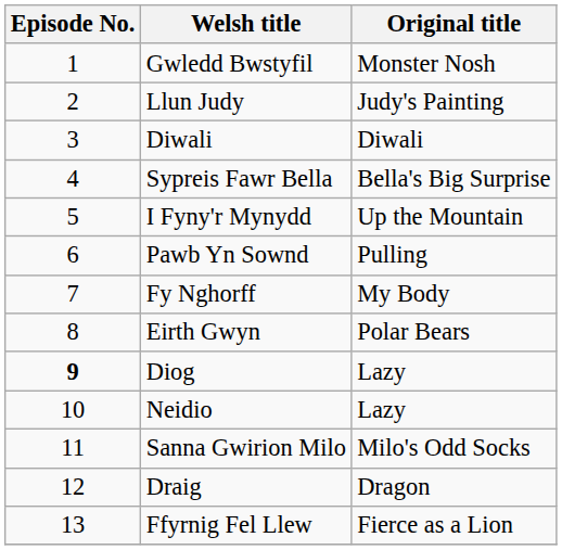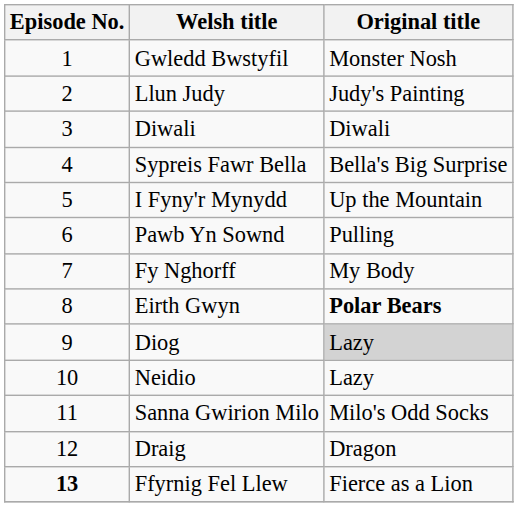 <table class="wikitable">
 <tr>
 <th>Episode No.</th>
 <th>Welsh title</th>
 <th>Original title</th>
 </tr>
 <tr>
 <td style="text-align:center;">1</td>
 <td>Gwledd Bwstyfil</td>
 <td>Monster Nosh</td>
 </tr>
 <tr>
 <td style="text-align:center;">2</td>
 <td>Llun Judy</td>
 <td>Judy's Painting</td>
 </tr>
 <tr>
 <td style="text-align:center;">3</td>
 <td>Diwali</td>
 <td>Diwali</td>
 </tr>
 <tr>
 <td style="text-align:center;">4</td>
 <td>Sypreis Fawr Bella</td>
 <td>Bella's Big Surprise</td>
 </tr>
 <tr>
 <td style="text-align:center;">5</td>
 <td>I Fyny'r Mynydd</td>
 <td>Up the Mountain</td>
 </tr>
 <tr>
 <td style="text-align:center;">6</td>
 <td>Pawb Yn Sownd</td>
 <td>Pulling</td>
 </tr>
 <tr>
 <td style="text-align:center;">7</td>
 <td>Fy Nghorff</td>
 <td>My Body</td>
 </tr>
 <tr>
 <td style="text-align:center;">8</td>
 <td>Eirth Gwyn</td>
-<td>Polar Bears</td>
+<td><strong>Polar Bears</strong></td>
 </tr>
 <tr>
-<td style="text-align:center;"><strong>9</strong></td>
+<td style="text-align:center;">9</td>
 <td>Diog</td>
-<td>Lazy</td>
+<td style="background: lightgrey;">Lazy</td>
 </tr>
 <tr>
 <td style="text-align:center;">10</td>
 <td>Neidio</td>
 <td>Lazy</td>
 </tr>
 <tr>
 <td style="text-align:center;">11</td>
 <td>Sanna Gwirion Milo</td>
 <td>Milo's Odd Socks</td>
 </tr>
 <tr>
 <td style="text-align:center;">12</td>
 <td>Draig</td>
 <td>Dragon</td>
 </tr>
 <tr>
-<td style="text-align:center;">13</td>
+<td style="text-align:center;"><strong>13</strong></td>
 <td>Ffyrnig Fel Llew</td>
 <td>Fierce as a Lion</td>
 </tr>
 <tr>
 </tr>
 </table>
